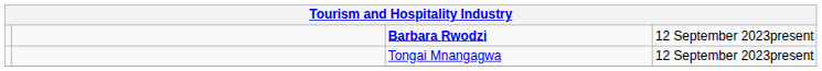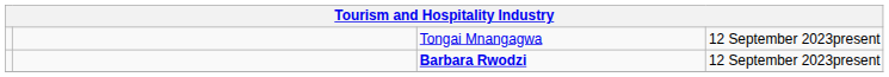 <table class="wikitable">
 <tr>
 <th colspan="4"><a href='#'>Tourism and Hospitality Industry</a></th>
+</tr>
+<tr>
+<td style="width: 1px; background: "></td>
+<td style="width: 450px;"></td>
+<td style="width: 320px;"> <a href='#'>Tongai Mnangagwa</a></td>
+<td>12 September 2023present</td>
 </tr>
 <tr>
 <td style="width: 1px; background: "></td>
 <td style="width: 450px;"></td>
 <td style="width: 320px;"> <strong><a href='#'>Barbara Rwodzi</a></strong></td>
 <td>12 September 2023present</td>
 </tr>
 <tr>
-<td style="width: 1px; background: "></td>
-<td style="width: 450px;"></td>
-<td style="width: 320px;"> <a href='#'>Tongai Mnangagwa</a></td>
-<td>12 September 2023present</td>
-</tr>
-<tr>
 </tr>
 </table>
